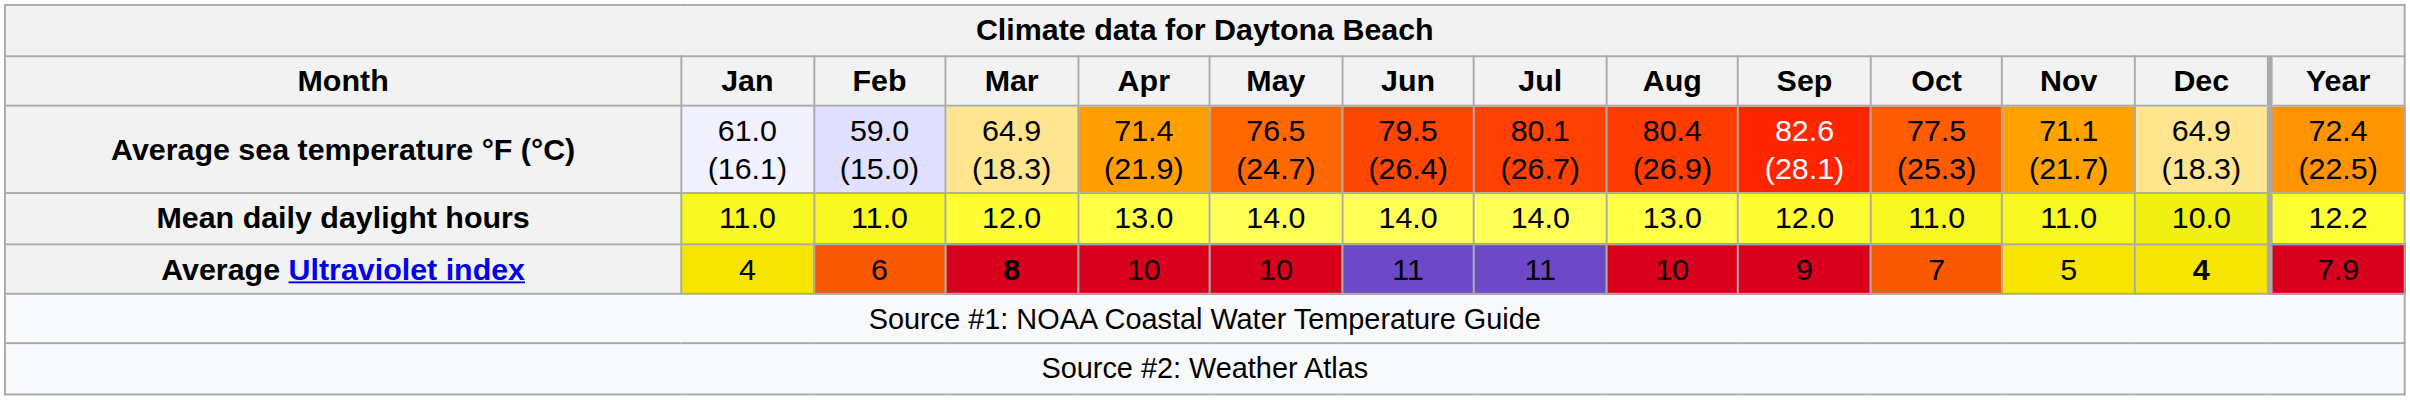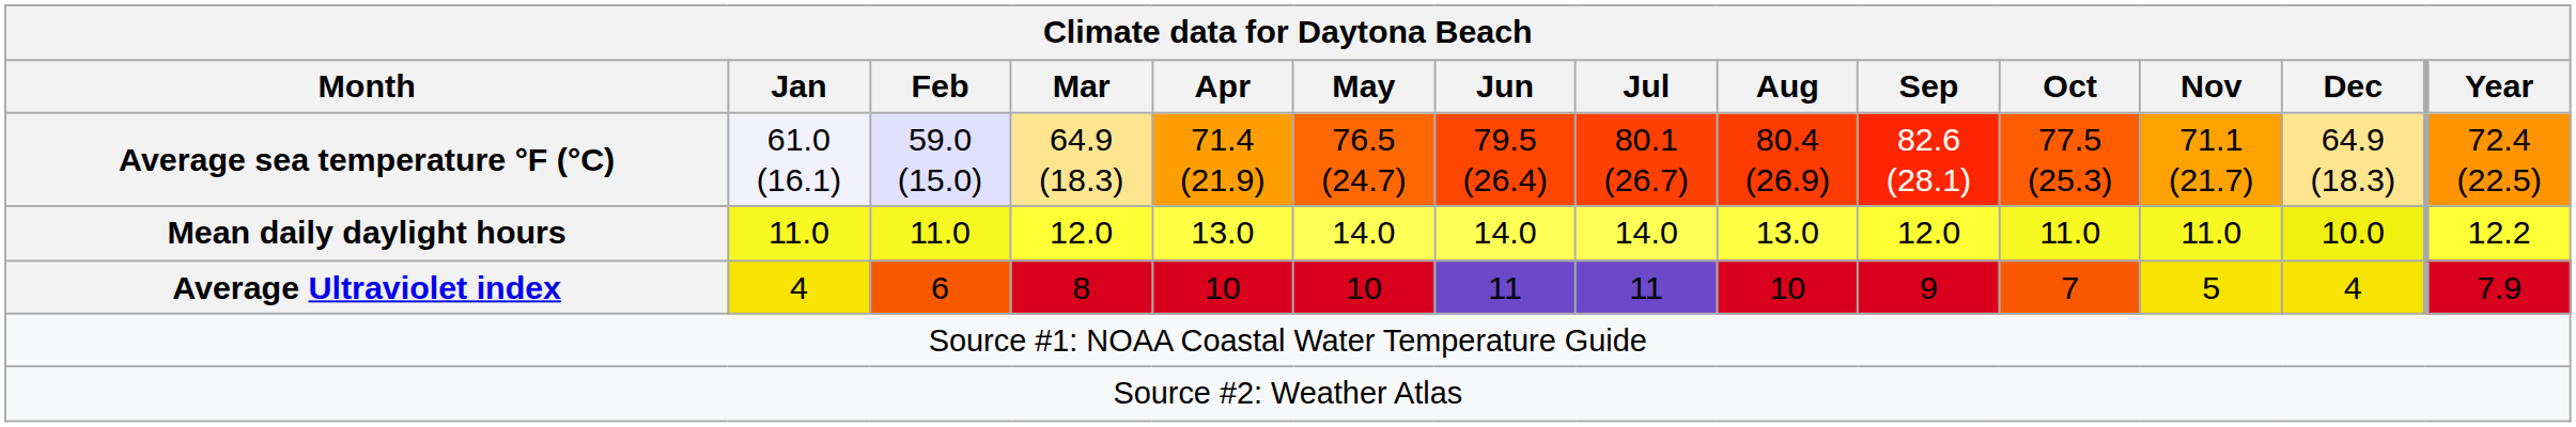 <table style="width:100%;text-align:center;line-height:1.2em;margin-left:auto;margin-right:auto" class="wikitable mw-collapsible">
 <tr>
 <th Colspan=14>Climate data for Daytona Beach</th>
 </tr>
 <tr>
 <th>Month</th>
 <th>Jan</th>
 <th>Feb</th>
 <th>Mar</th>
 <th>Apr</th>
 <th>May</th>
 <th>Jun</th>
 <th>Jul</th>
 <th>Aug</th>
 <th>Sep</th>
 <th>Oct</th>
 <th>Nov</th>
 <th>Dec</th>
 <th style="border-left-width:medium">Year</th>
 </tr>
 <tr>
 <th>Average sea temperature °F (°C)</th>
 <td style="background:#f1f1ff; color:#000;">61.0<br>(16.1)</td>
 <td style="background:#e1e1ff; color:#000;">59.0<br>(15.0)</td>
 <td style="background:#ffe590; color:#000;">64.9<br>(18.3)</td>
 <td style="background:#ff9e00; color:#000;">71.4<br>(21.9)</td>
 <td style="background:#ff6700; color:#000;">76.5<br>(24.7)</td>
 <td style="background:#ff4600; color:#000;">79.5<br>(26.4)</td>
 <td style="background:#ff4000; color:#000;">80.1<br>(26.7)</td>
 <td style="background:#ff3c00; color:#000;">80.4<br>(26.9)</td>
 <td style="background:#ff2500; color:#fff;">82.6<br>(28.1)</td>
 <td style="background:#ff5c00; color:#000;">77.5<br>(25.3)</td>
 <td style="background:#ffa200; color:#000;">71.1<br>(21.7)</td>
 <td style="background:#ffe590; color:#000;">64.9<br>(18.3)</td>
 <td style="background:#ff9400; color:#000; border-left-width:medium;">72.4<br>(22.5)</td>
 </tr>
 <tr>
 <th>Mean daily daylight hours</th>
 <td style="background:#f7f722; color:#000;">11.0</td>
 <td style="background:#f7f722; color:#000;">11.0</td>
 <td style="background:#ff3; color:#000;">12.0</td>
 <td style="background:#ff4; color:#000;">13.0</td>
 <td style="background:#ff5; color:#000;">14.0</td>
 <td style="background:#ff5; color:#000;">14.0</td>
 <td style="background:#ff5; color:#000;">14.0</td>
 <td style="background:#ff4; color:#000;">13.0</td>
 <td style="background:#ff3; color:#000;">12.0</td>
 <td style="background:#f7f722; color:#000;">11.0</td>
 <td style="background:#f7f722; color:#000;">11.0</td>
 <td style="background:#f0f011; color:#000;">10.0</td>
 <td style="background:#ffff35; color:#000; border-left-width:medium;">12.2</td>
 </tr>
 <tr>
 <th>Average <a href='#'>Ultraviolet index</a></th>
 <td style="background:#f7e400; color:#000;">4</td>
 <td style="background:#f85900; color:#000;">6</td>
-<td style="background:#d8001d; color:#000;"><strong>8</strong></td>
+<td style="background:#d8001d; color:#000;">8</td>
 <td style="background:#d8001d; color:#000;">10</td>
 <td style="background:#d8001d; color:#000;">10</td>
 <td style="background:#6b49c8; color:#000;">11</td>
 <td style="background:#6b49c8; color:#000;">11</td>
 <td style="background:#d8001d; color:#000;">10</td>
 <td style="background:#d8001d; color:#000;">9</td>
 <td style="background:#f85900; color:#000;">7</td>
 <td style="background:#f7e400; color:#000;">5</td>
-<td style="background:#f7e400; color:#000;"><strong>4</strong></td>
+<td style="background:#f7e400; color:#000;">4</td>
 <td style="background:#d8001d; color:#000; border-left-width:medium;">7.9</td>
 </tr>
 <tr>
 <th Colspan=14 style="background:#f8f9fa;font-weight:normal;font-size:95%;">Source #1: NOAA Coastal Water Temperature Guide</th>
 </tr>
 <tr>
 <th Colspan=14 style="background:#f8f9fa;font-weight:normal;font-size:95%;">Source #2: Weather Atlas</th>
 </tr>
 </table>
